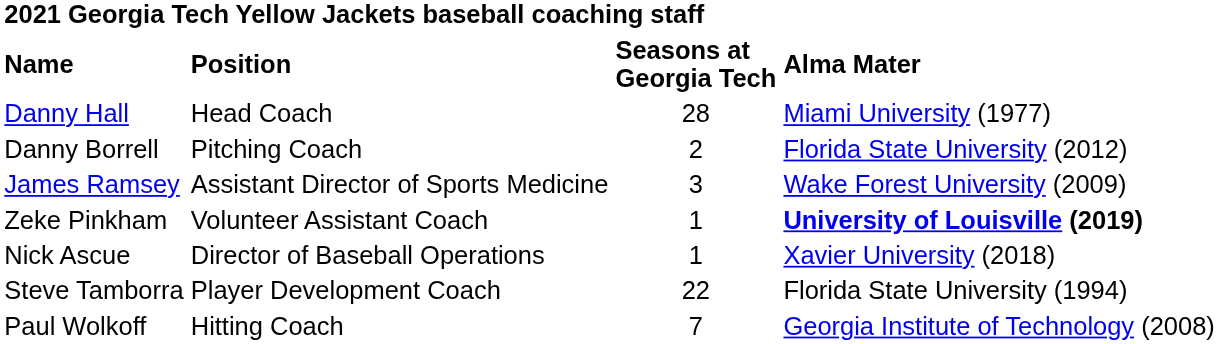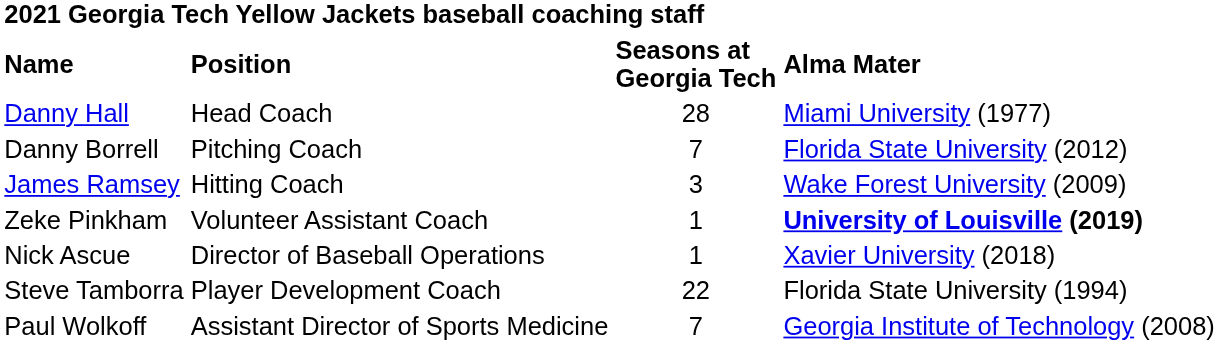 <table class="toccolours" style="text-align: left; font-size:90%;">
 <tr>
 <th colspan="4">2021 Georgia Tech Yellow Jackets baseball coaching staff</th>
 </tr>
 <tr>
 <th>Name</th>
 <th>Position</th>
 <th>Seasons at<br>Georgia Tech</th>
 <th>Alma Mater</th>
 </tr>
 <tr>
 <td><a href='#'>Danny Hall</a></td>
 <td>Head Coach</td>
 <td align=center>28</td>
 <td><a href='#'>Miami University</a> (1977)</td>
 </tr>
 <tr>
 <td>Danny Borrell</td>
 <td>Pitching Coach</td>
-<td align=center>2</td>
+<td align=center>7</td>
 <td><a href='#'>Florida State University</a> (2012)</td>
 </tr>
 <tr>
 <td><a href='#'>James Ramsey</a></td>
-<td>Assistant Director of Sports Medicine</td>
+<td>Hitting Coach</td>
 <td align=center>3</td>
 <td><a href='#'>Wake Forest University</a> (2009)</td>
 </tr>
 <tr>
 <td>Zeke Pinkham</td>
 <td>Volunteer Assistant Coach</td>
 <td align=center>1</td>
 <td><strong><a href='#'>University of Louisville</a> (2019)</strong></td>
 </tr>
 <tr>
 <td>Nick Ascue</td>
 <td>Director of Baseball Operations</td>
 <td align=center>1</td>
 <td><a href='#'>Xavier University</a> (2018)</td>
 </tr>
 <tr>
 <td>Steve Tamborra</td>
 <td>Player Development Coach</td>
 <td align=center>22</td>
 <td>Florida State University (1994)</td>
 </tr>
 <tr>
 <td>Paul Wolkoff</td>
-<td>Hitting Coach</td>
+<td>Assistant Director of Sports Medicine</td>
 <td align=center>7</td>
 <td><a href='#'>Georgia Institute of Technology</a> (2008)</td>
 </tr>
 </table>
